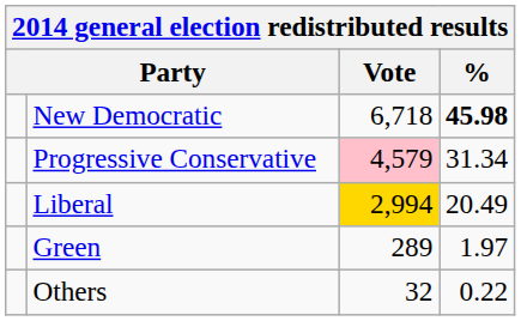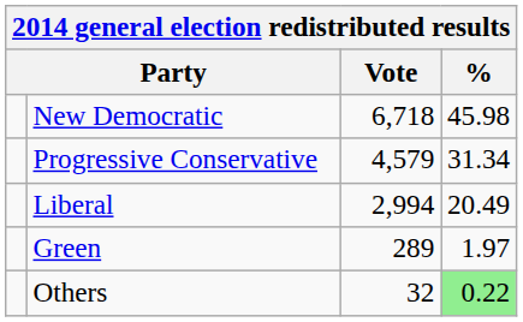 <table class="wikitable">
 <tr>
 <th colspan="4"><a href='#'>2014 general election</a> redistributed results</th>
 </tr>
 <tr>
 <th bgcolor="#DDDDFF" width="130px" colspan="2">Party</th>
 <th bgcolor="#DDDDFF" width="50px">Vote</th>
 <th bgcolor="#DDDDFF" width="30px">%</th>
 </tr>
 <tr>
 <td> </td>
 <td><a href='#'>New Democratic</a></td>
 <td align=right>6,718</td>
-<td align=right><strong>45.98</strong></td>
+<td align=right>45.98</td>
 </tr>
 <tr>
 <td> </td>
 <td><a href='#'>Progressive Conservative</a></td>
-<td align=right style="background: pink;">4,579</td>
+<td align=right>4,579</td>
 <td align=right>31.34</td>
 </tr>
 <tr>
 <td> </td>
 <td><a href='#'>Liberal</a></td>
-<td align=right style="background: gold;">2,994</td>
+<td align=right>2,994</td>
 <td align=right>20.49</td>
 </tr>
 <tr>
 <td> </td>
 <td><a href='#'>Green</a></td>
 <td align=right>289</td>
 <td align=right>1.97</td>
 </tr>
 <tr>
 <td> </td>
 <td>Others</td>
 <td align=right>32</td>
-<td align=right>0.22</td>
+<td align=right style="background: lightgreen;">0.22</td>
 </tr>
 </table>
